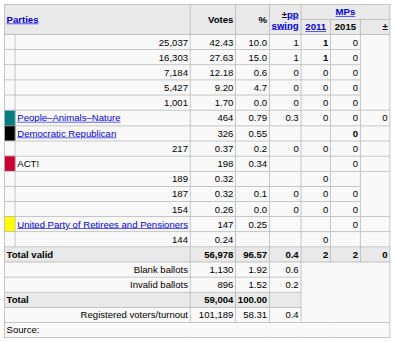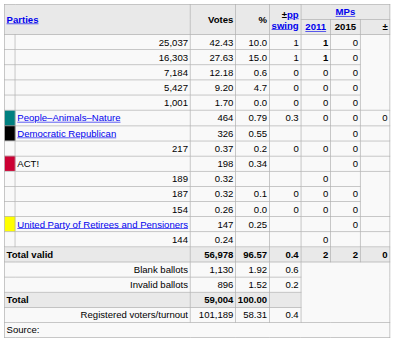 <table class="wikitable" style="text-align:right; font-size:95%;">
 <tr>
 <th rowspan="2" colspan="2" style="background:#e9e9e9; text-align:left;" alignleft><a href='#'>Parties</a></th>
 <th rowspan="2" style="background:#e9e9e9; text-align:right;">Votes</th>
 <th rowspan="2" style="background:#e9e9e9; text-align:right;">%</th>
 <th rowspan="2" style="background:#e9e9e9; text-align:right;">±<a href='#'>pp</a> <a href='#'>swing</a></th>
 <th colspan="3" style="background:#e9e9e9; text-align:center;"><a href='#'>MPs</a></th>
 </tr>
 <tr style="background-color:#E9E9E9">
 <th style="background-color:#E9E9E9;text-align:center;"><a href='#'>2011</a></th>
 <th style="background-color:#E9E9E9;text-align:center;">2015</th>
 <th style="background:#e9e9e9; text-align:right;">±</th>
 </tr>
 <tr>
 <td></td>
 <td>25,037</td>
 <td>42.43</td>
 <td>10.0</td>
 <td>1</td>
 <td><strong>1</strong></td>
 <td>0</td>
 </tr>
 <tr>
 <td> </td>
 <td>16,303</td>
 <td>27.63</td>
 <td>15.0</td>
 <td>1</td>
 <td><strong>1</strong></td>
 <td>0</td>
 </tr>
 <tr>
 <td></td>
 <td>7,184</td>
 <td>12.18</td>
 <td>0.6</td>
 <td>0</td>
 <td>0</td>
 <td>0</td>
 </tr>
 <tr>
 <td></td>
 <td>5,427</td>
 <td>9.20</td>
 <td>4.7</td>
 <td>0</td>
 <td>0</td>
 <td>0</td>
 </tr>
 <tr>
 <td></td>
 <td>1,001</td>
 <td>1.70</td>
 <td>0.0</td>
 <td>0</td>
 <td>0</td>
 <td>0</td>
 </tr>
 <tr>
 <td style="width: 10px" bgcolor="teal" align="center"></td>
 <td align="left"><a href='#'>People–Animals–Nature</a></td>
 <td>464</td>
 <td>0.79</td>
 <td>0.3</td>
 <td>0</td>
 <td>0</td>
 <td>0</td>
 </tr>
 <tr>
 <td style="width: 10px" bgcolor=black align="center"></td>
 <td align=left><a href='#'>Democratic Republican</a></td>
 <td>326</td>
 <td>0.55</td>
 <td></td>
 <td></td>
-<td><strong>0</strong></td>
+<td>0</td>
 <td></td>
 </tr>
 <tr>
 <td></td>
 <td>217</td>
 <td>0.37</td>
 <td>0.2</td>
 <td>0</td>
 <td>0</td>
 <td>0</td>
 </tr>
 <tr>
 <td style="width:10px; background:#CC0033; text-align:center;"></td>
 <td style="text-align:left;">ACT! </td>
 <td>198</td>
 <td>0.34</td>
 <td></td>
 <td></td>
 <td>0</td>
 <td></td>
 </tr>
 <tr>
 <td></td>
 <td>189</td>
 <td>0.32</td>
 <td></td>
 <td></td>
 <td>0</td>
 <td></td>
 </tr>
 <tr>
 <td></td>
 <td>187</td>
 <td>0.32</td>
 <td>0.1</td>
 <td>0</td>
 <td>0</td>
 <td>0</td>
 </tr>
 <tr>
 <td></td>
 <td>154</td>
 <td>0.26</td>
 <td>0.0</td>
 <td>0</td>
 <td>0</td>
 <td>0</td>
 </tr>
 <tr>
 <td style="width: 10px" bgcolor=yellow align="center"></td>
 <td align=left><a href='#'>United Party of Retirees and Pensioners</a></td>
 <td>147</td>
 <td>0.25</td>
 <td></td>
 <td></td>
 <td>0</td>
 <td></td>
 </tr>
 <tr>
 <td></td>
 <td>144</td>
 <td>0.24</td>
 <td></td>
 <td></td>
 <td>0</td>
 <td></td>
 </tr>
 <tr>
 <td colspan=2 align=left style="background-color:#E9E9E9"><strong>Total valid</strong></td>
 <td width="65" align="right" style="background-color:#E9E9E9"><strong>56,978</strong></td>
 <td width="40" align="right" style="background-color:#E9E9E9"><strong>96.57</strong></td>
 <td width="40" align="right" style="background-color:#E9E9E9"><strong>0.4</strong></td>
 <td width="40" align="right" style="background-color:#E9E9E9"><strong>2</strong></td>
 <td width="40" align="right" style="background-color:#E9E9E9"><strong>2</strong></td>
 <td width="40" align="right" style="background-color:#E9E9E9"><strong>0</strong></td>
 </tr>
 <tr>
 <td colspan=2>Blank ballots</td>
 <td>1,130</td>
 <td>1.92</td>
 <td>0.6</td>
 <td colspan=4 rowspan=4></td>
 </tr>
 <tr>
 <td colspan=2>Invalid ballots</td>
 <td>896</td>
 <td>1.52</td>
 <td>0.2</td>
 </tr>
 <tr>
 <td colspan=2 width="259" align=left style="background-color:#E9E9E9"><strong>Total</strong></td>
 <td width="50" align="right" style="background-color:#E9E9E9"><strong>59,004</strong></td>
 <td width="40" align="right" style="background-color:#E9E9E9"><strong>100.00</strong></td>
 <td width="40" align="right" style="background-color:#E9E9E9"></td>
 </tr>
 <tr>
 <td colspan=2>Registered voters/turnout</td>
 <td>101,189</td>
 <td>58.31</td>
 <td>0.4</td>
 </tr>
 <tr>
 <td colspan=11 align=left>Source: </td>
 </tr>
 </table>
